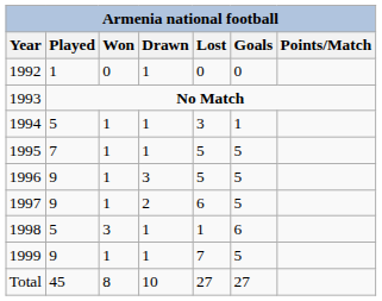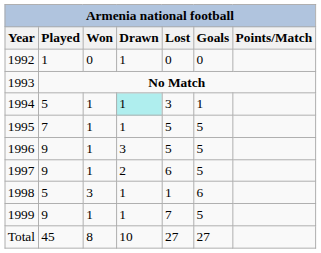 <table class="wikitable" style="font-size: 90%;" align="right">
 <tr>
 <th colspan="7" style="background: LightSteelBlue;">Armenia national football</th>
 </tr>
 <tr>
 <th>Year</th>
 <th>Played</th>
 <th>Won</th>
 <th>Drawn</th>
 <th>Lost</th>
 <th>Goals</th>
 <th>Points/Match</th>
 </tr>
 <tr>
 <td>1992</td>
 <td>1</td>
 <td>0</td>
 <td>1</td>
 <td>0</td>
 <td>0</td>
 <td></td>
 </tr>
 <tr>
 <td>1993</td>
 <td colspan="6" style="text-align:center;"><strong>No Match</strong></td>
 </tr>
 <tr>
 <td>1994</td>
 <td>5</td>
 <td>1</td>
-<td>1</td>
+<td style="background: paleturquoise;">1</td>
 <td>3</td>
 <td>1</td>
 <td></td>
 </tr>
 <tr>
 <td>1995</td>
 <td>7</td>
 <td>1</td>
 <td>1</td>
 <td>5</td>
 <td>5</td>
 <td></td>
 </tr>
 <tr>
 <td>1996</td>
 <td>9</td>
 <td>1</td>
 <td>3</td>
 <td>5</td>
 <td>5</td>
 <td></td>
 </tr>
 <tr>
 <td>1997</td>
 <td>9</td>
 <td>1</td>
 <td>2</td>
 <td>6</td>
 <td>5</td>
 <td></td>
 </tr>
 <tr>
 <td>1998</td>
 <td>5</td>
 <td>3</td>
 <td>1</td>
 <td>1</td>
 <td>6</td>
 <td></td>
 </tr>
 <tr>
 <td>1999</td>
 <td>9</td>
 <td>1</td>
 <td>1</td>
 <td>7</td>
 <td>5</td>
 <td></td>
 </tr>
 <tr>
 <td>Total</td>
 <td>45</td>
 <td>8</td>
 <td>10</td>
 <td>27</td>
 <td>27</td>
 <td></td>
 </tr>
 </table>
